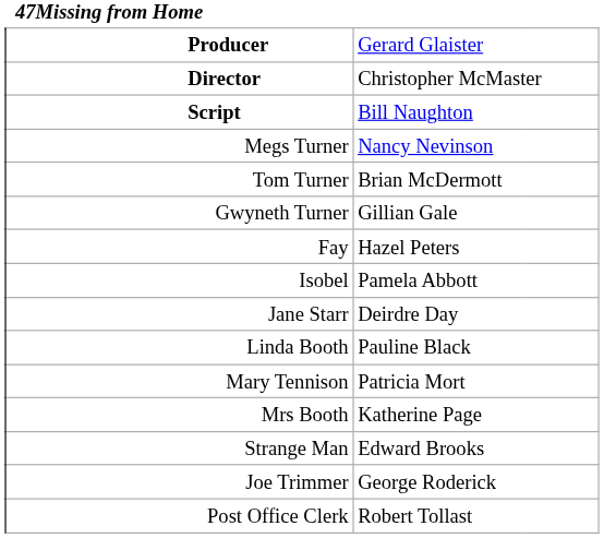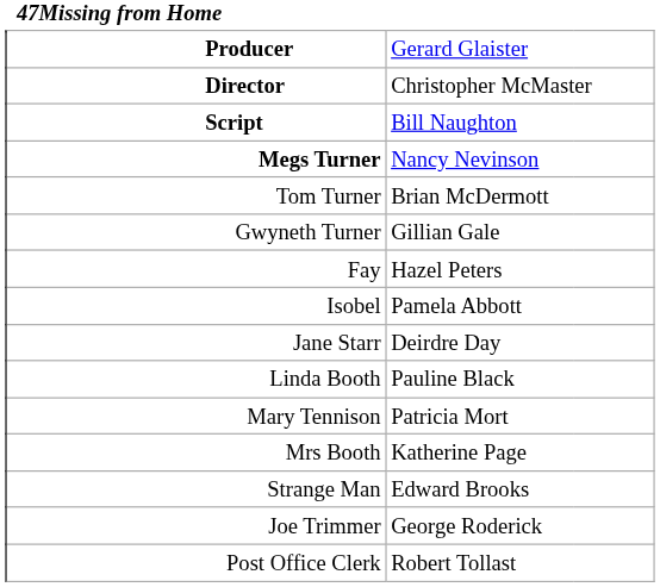 <table class="wikitable mw-collapsible mw-collapsed" style="vertical-align:top;margin:auto 2em;line-height:1.2;min-width:33em;display: inline-table;background-color:inherit;border:none;">
 <tr>
 <td class=unsortable style="border:hidden;line-height:1.67;text-align:center;margin-left:-1em;padding-left:0.5em;min-width:1.0em;"></td>
 <td class=unsortable style="border:none;padding-left:0.5em;text-align:left;min-width:16.5em;font-weight:700;font-style:italic;">47Missing from Home</td>
 <td class=unsortable style="border:none;text-align:right;font-weight:normal;font-family:Courier;font-size:95%;letter-spacing:-1pt;min-width:8.5em;padding-right:0.2em;"></td>
 <td class=unsortable style="border:hidden;min-width:3.5em;padding-left:0;"></td>
 <td class=unsortable style="border:hidden;min-width:3.5em;font-size:95%;"></td>
 </tr>
 <tr>
 <td rowspan=100 style="border:none thin;border-right-style :solid;"></td>
 </tr>
 <tr>
 <td style="text-align:left;padding-left:9.0em;font-weight:bold;">Producer</td>
 <td colspan=2><a href='#'>Gerard Glaister</a></td>
 </tr>
 <tr>
 <td style="text-align:left;padding-left:9.0em;font-weight:bold;">Director</td>
 <td colspan=2>Christopher McMaster</td>
 </tr>
 <tr>
 <td style="text-align:left;padding-left:9.0em;font-weight:bold;">Script</td>
 <td colspan=2><a href='#'>Bill Naughton</a></td>
 </tr>
 <tr>
-<td style="text-align:right;">Megs Turner</td>
+<td style="text-align:right;"><strong>Megs Turner</strong></td>
 <td colspan=2><a href='#'>Nancy Nevinson</a></td>
 </tr>
 <tr>
 <td style="text-align:right;">Tom Turner</td>
 <td colspan=2>Brian McDermott</td>
 </tr>
 <tr>
 <td style="text-align:right;">Gwyneth Turner</td>
 <td colspan=2>Gillian Gale</td>
 </tr>
 <tr>
 <td style="text-align:right;">Fay</td>
 <td colspan=2>Hazel Peters</td>
 </tr>
 <tr>
 <td style="text-align:right;">Isobel</td>
 <td colspan=2>Pamela Abbott</td>
 </tr>
 <tr>
 <td style="text-align:right;">Jane Starr</td>
 <td colspan=2>Deirdre Day</td>
 </tr>
 <tr>
 <td style="text-align:right;">Linda Booth</td>
 <td colspan=2>Pauline Black</td>
 </tr>
 <tr>
 <td style="text-align:right;">Mary Tennison</td>
 <td colspan=2>Patricia Mort</td>
 </tr>
 <tr>
 <td style="text-align:right;">Mrs Booth</td>
 <td colspan=2>Katherine Page</td>
 </tr>
 <tr>
 <td style="text-align:right;">Strange Man</td>
 <td colspan=2>Edward Brooks</td>
 </tr>
 <tr>
 <td style="text-align:right;">Joe Trimmer</td>
 <td colspan=2>George Roderick</td>
 </tr>
 <tr>
 <td style="text-align:right;">Post Office Clerk</td>
 <td colspan=2>Robert Tollast</td>
 </tr>
 </table>
